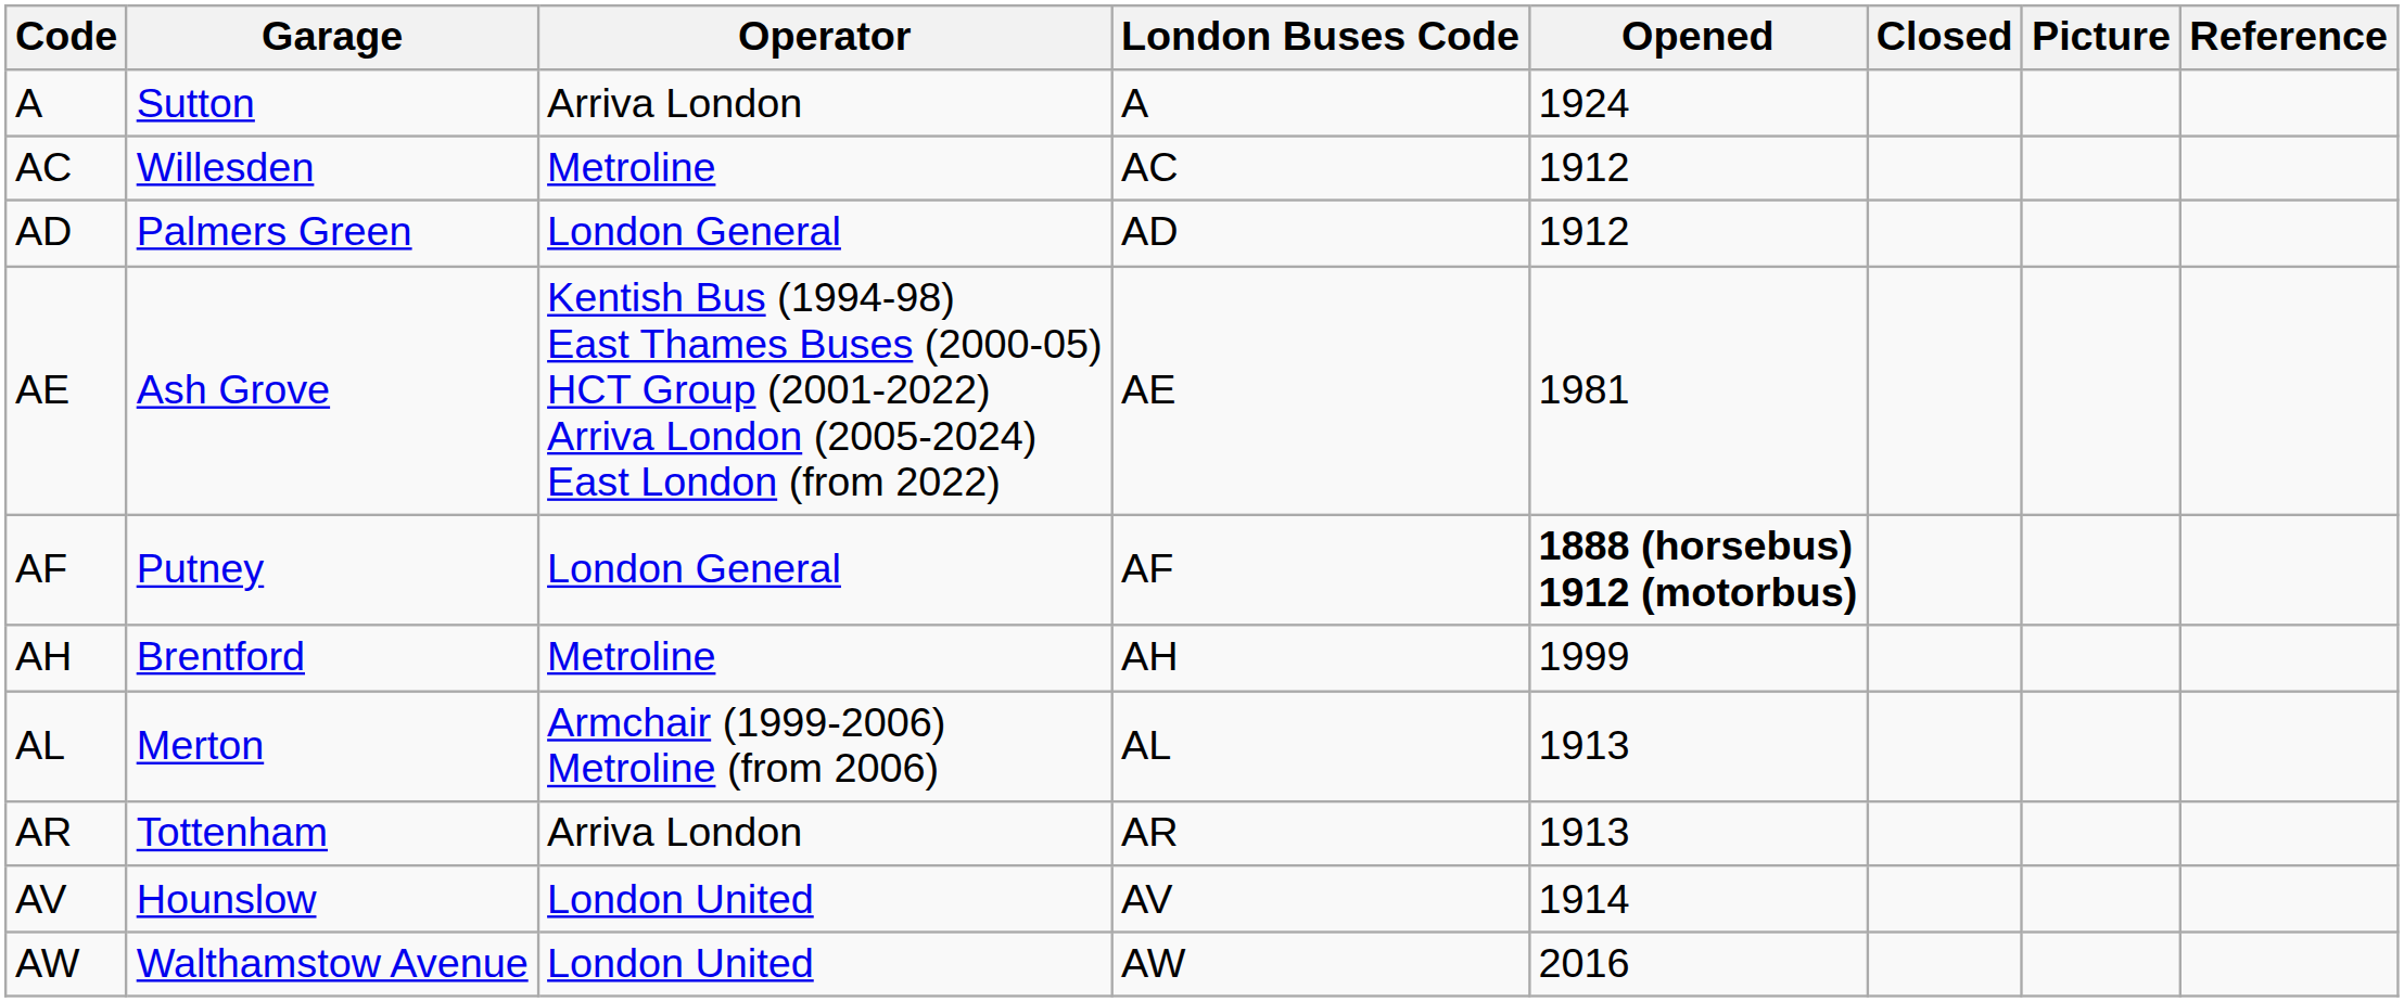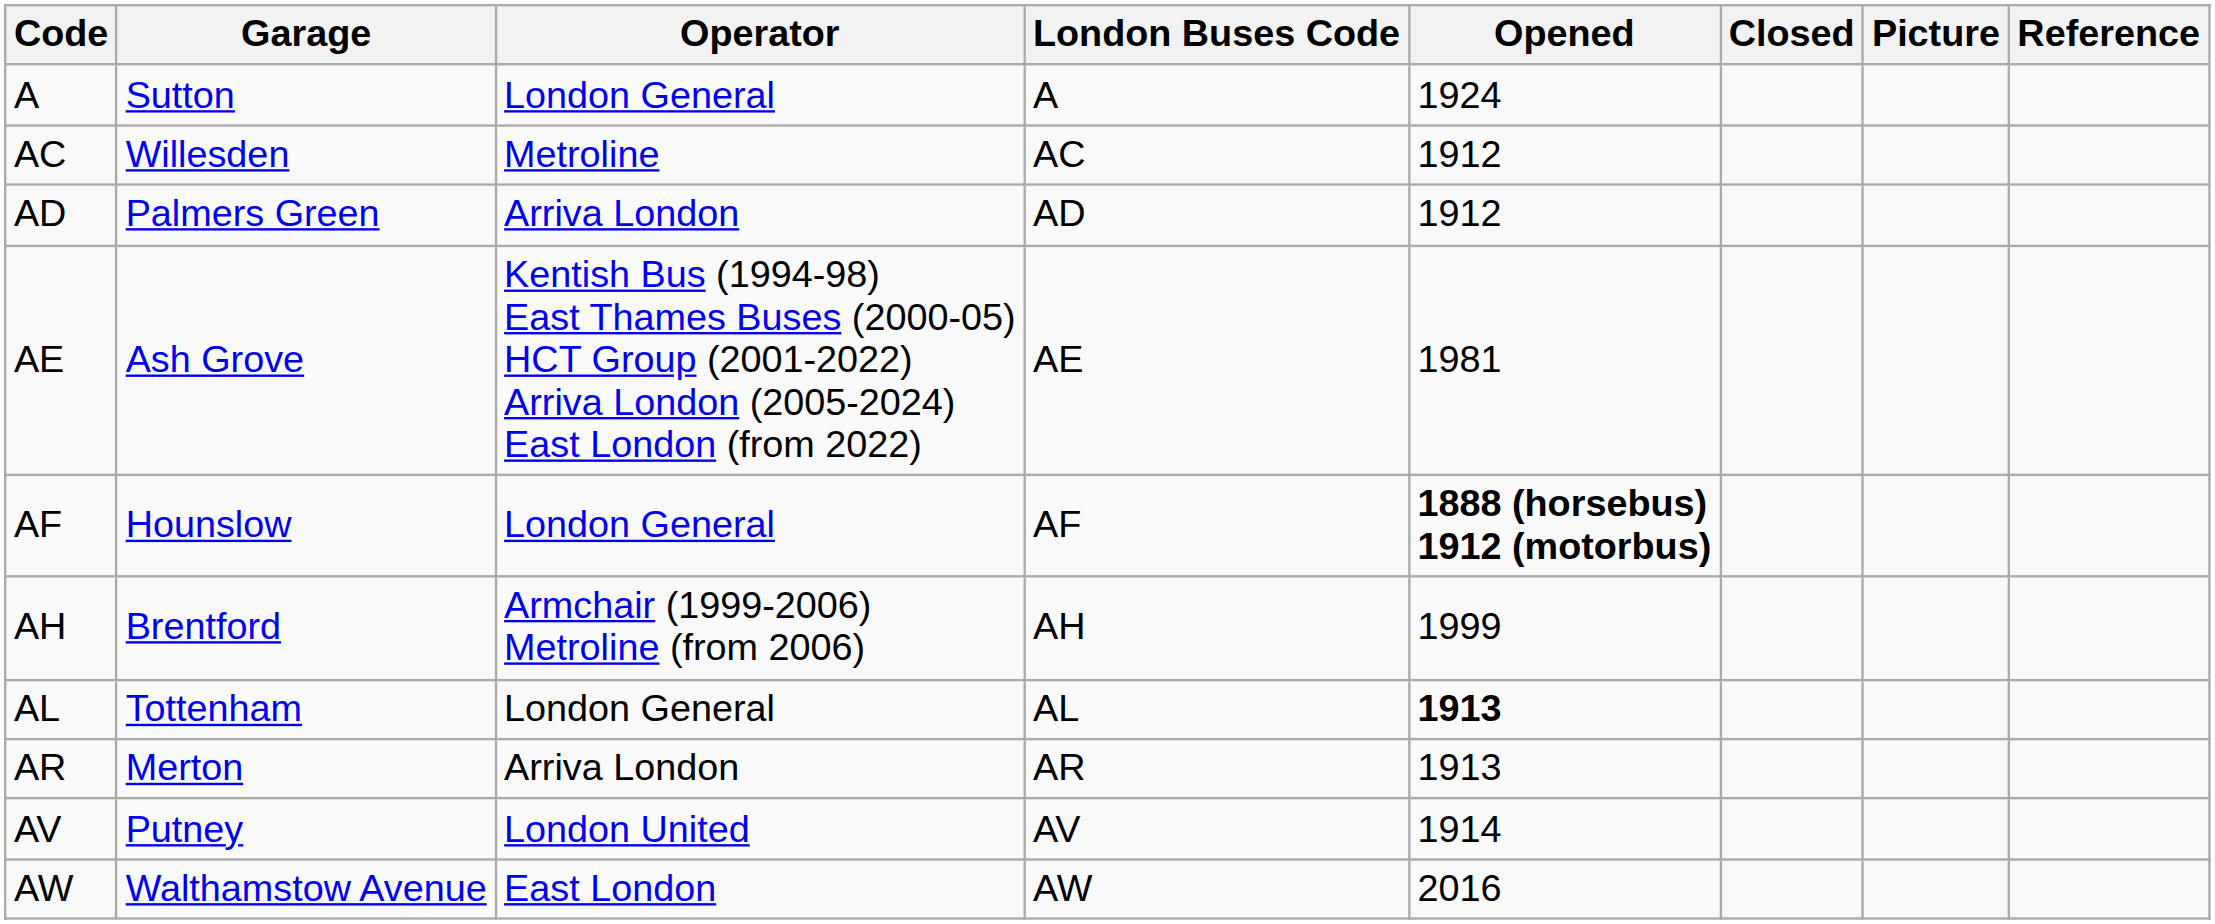 <table class="wikitable">
 <tr>
 <th>Code</th>
 <th>Garage</th>
 <th>Operator</th>
 <th>London Buses Code</th>
 <th>Opened</th>
 <th>Closed</th>
 <th>Picture</th>
 <th>Reference</th>
 </tr>
 <tr>
 <td>A</td>
 <td><a href='#'>Sutton</a></td>
-<td>Arriva London</td>
+<td><a href='#'>London General</a></td>
 <td>A</td>
 <td>1924</td>
 <td></td>
 <td></td>
 <td></td>
 </tr>
 <tr>
 <td>AC</td>
 <td><a href='#'>Willesden</a></td>
 <td><a href='#'>Metroline</a></td>
 <td>AC</td>
 <td>1912</td>
 <td></td>
 <td></td>
 <td></td>
 </tr>
 <tr>
 <td>AD</td>
 <td><a href='#'>Palmers Green</a></td>
-<td><a href='#'>London General</a></td>
+<td><a href='#'>Arriva London</a></td>
 <td>AD</td>
 <td>1912</td>
 <td></td>
 <td></td>
 <td></td>
 </tr>
 <tr>
 <td>AE</td>
 <td><a href='#'>Ash Grove</a></td>
 <td><a href='#'>Kentish Bus</a> (1994-98)<br><a href='#'>East Thames Buses</a> (2000-05)<br><a href='#'>HCT Group</a> (2001-2022)<br><a href='#'>Arriva London</a> (2005-2024)<br><a href='#'>East London</a> (from 2022)</td>
 <td>AE</td>
 <td>1981</td>
 <td></td>
 <td></td>
 <td></td>
 </tr>
 <tr>
 <td>AF</td>
-<td><a href='#'>Putney</a></td>
+<td><a href='#'>Hounslow</a></td>
 <td><a href='#'>London General</a></td>
 <td>AF</td>
 <td><strong>1888 (horsebus)<br>1912 (motorbus)</strong></td>
 <td></td>
 <td></td>
 <td></td>
 </tr>
 <tr>
 <td>AH</td>
 <td><a href='#'>Brentford</a></td>
-<td><a href='#'>Metroline</a></td>
+<td><a href='#'>Armchair</a> (1999-2006)<br><a href='#'>Metroline</a> (from 2006)</td>
 <td>AH</td>
 <td>1999</td>
 <td></td>
 <td></td>
 <td></td>
 </tr>
 <tr>
 <td>AL</td>
-<td><a href='#'>Merton</a></td>
-<td><a href='#'>Armchair</a> (1999-2006)<br><a href='#'>Metroline</a> (from 2006)</td>
+<td><a href='#'>Tottenham</a></td>
+<td>London General</td>
 <td>AL</td>
-<td>1913</td>
+<td><strong>1913</strong></td>
 <td></td>
 <td></td>
 <td></td>
 </tr>
 <tr>
 <td>AR</td>
-<td><a href='#'>Tottenham</a></td>
+<td><a href='#'>Merton</a></td>
 <td>Arriva London</td>
 <td>AR</td>
 <td>1913</td>
 <td></td>
 <td></td>
 <td></td>
 </tr>
 <tr>
 <td>AV</td>
-<td><a href='#'>Hounslow</a></td>
+<td><a href='#'>Putney</a></td>
 <td><a href='#'>London United</a></td>
 <td>AV</td>
 <td>1914</td>
 <td></td>
 <td></td>
 <td></td>
 </tr>
 <tr>
 <td>AW</td>
 <td><a href='#'>Walthamstow Avenue</a></td>
-<td><a href='#'>London United</a></td>
+<td><a href='#'>East London</a></td>
 <td>AW</td>
 <td>2016</td>
 <td></td>
 <td></td>
 <td></td>
 </tr>
 </table>
